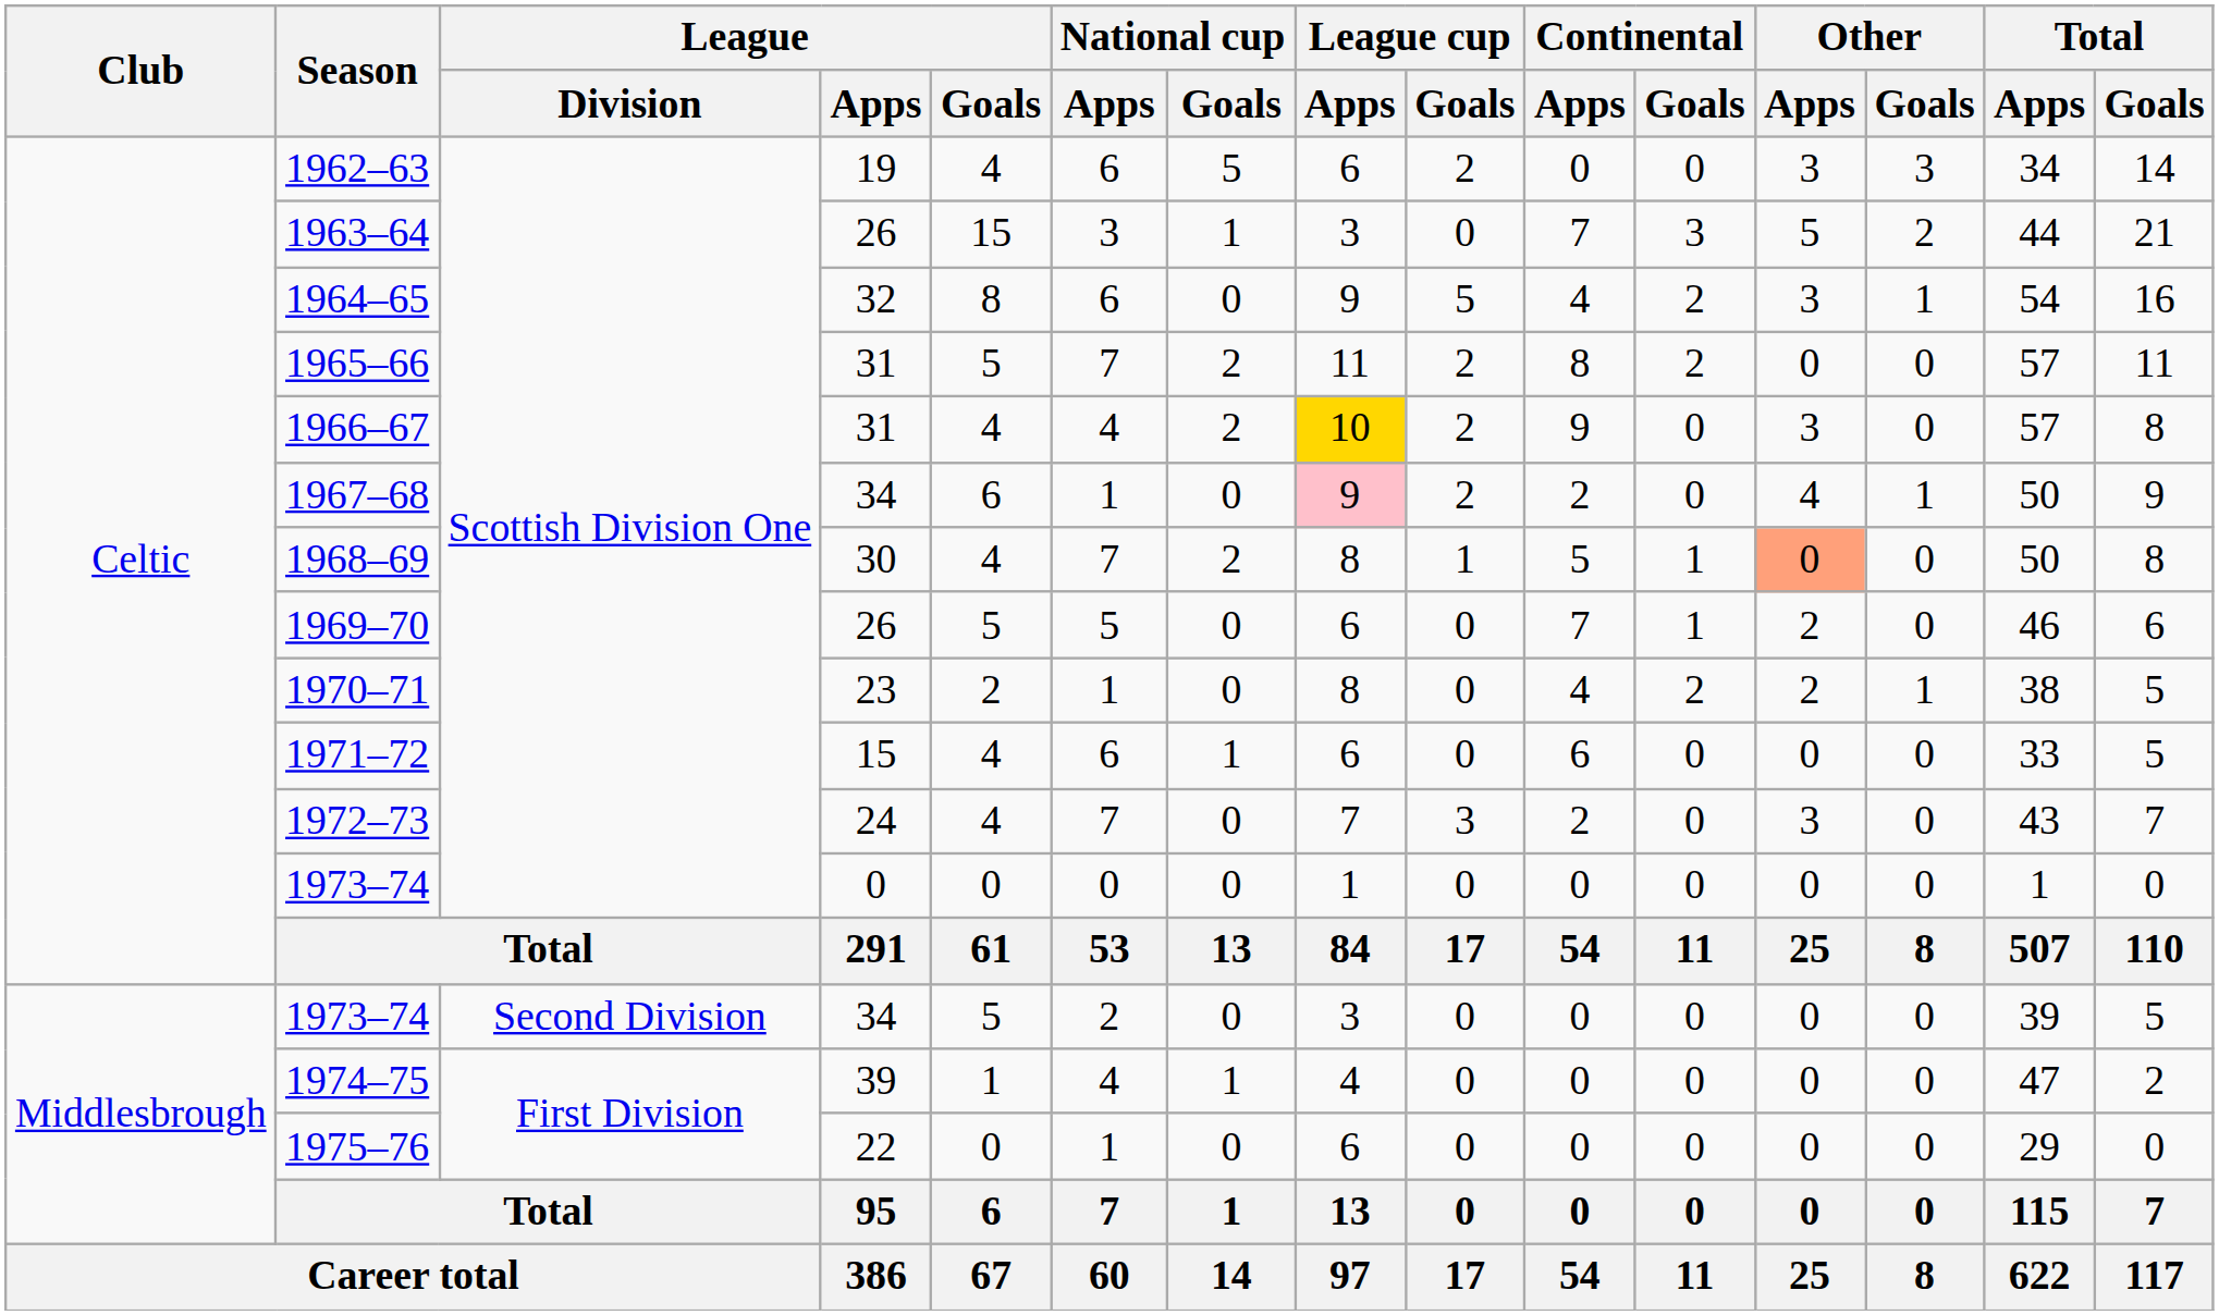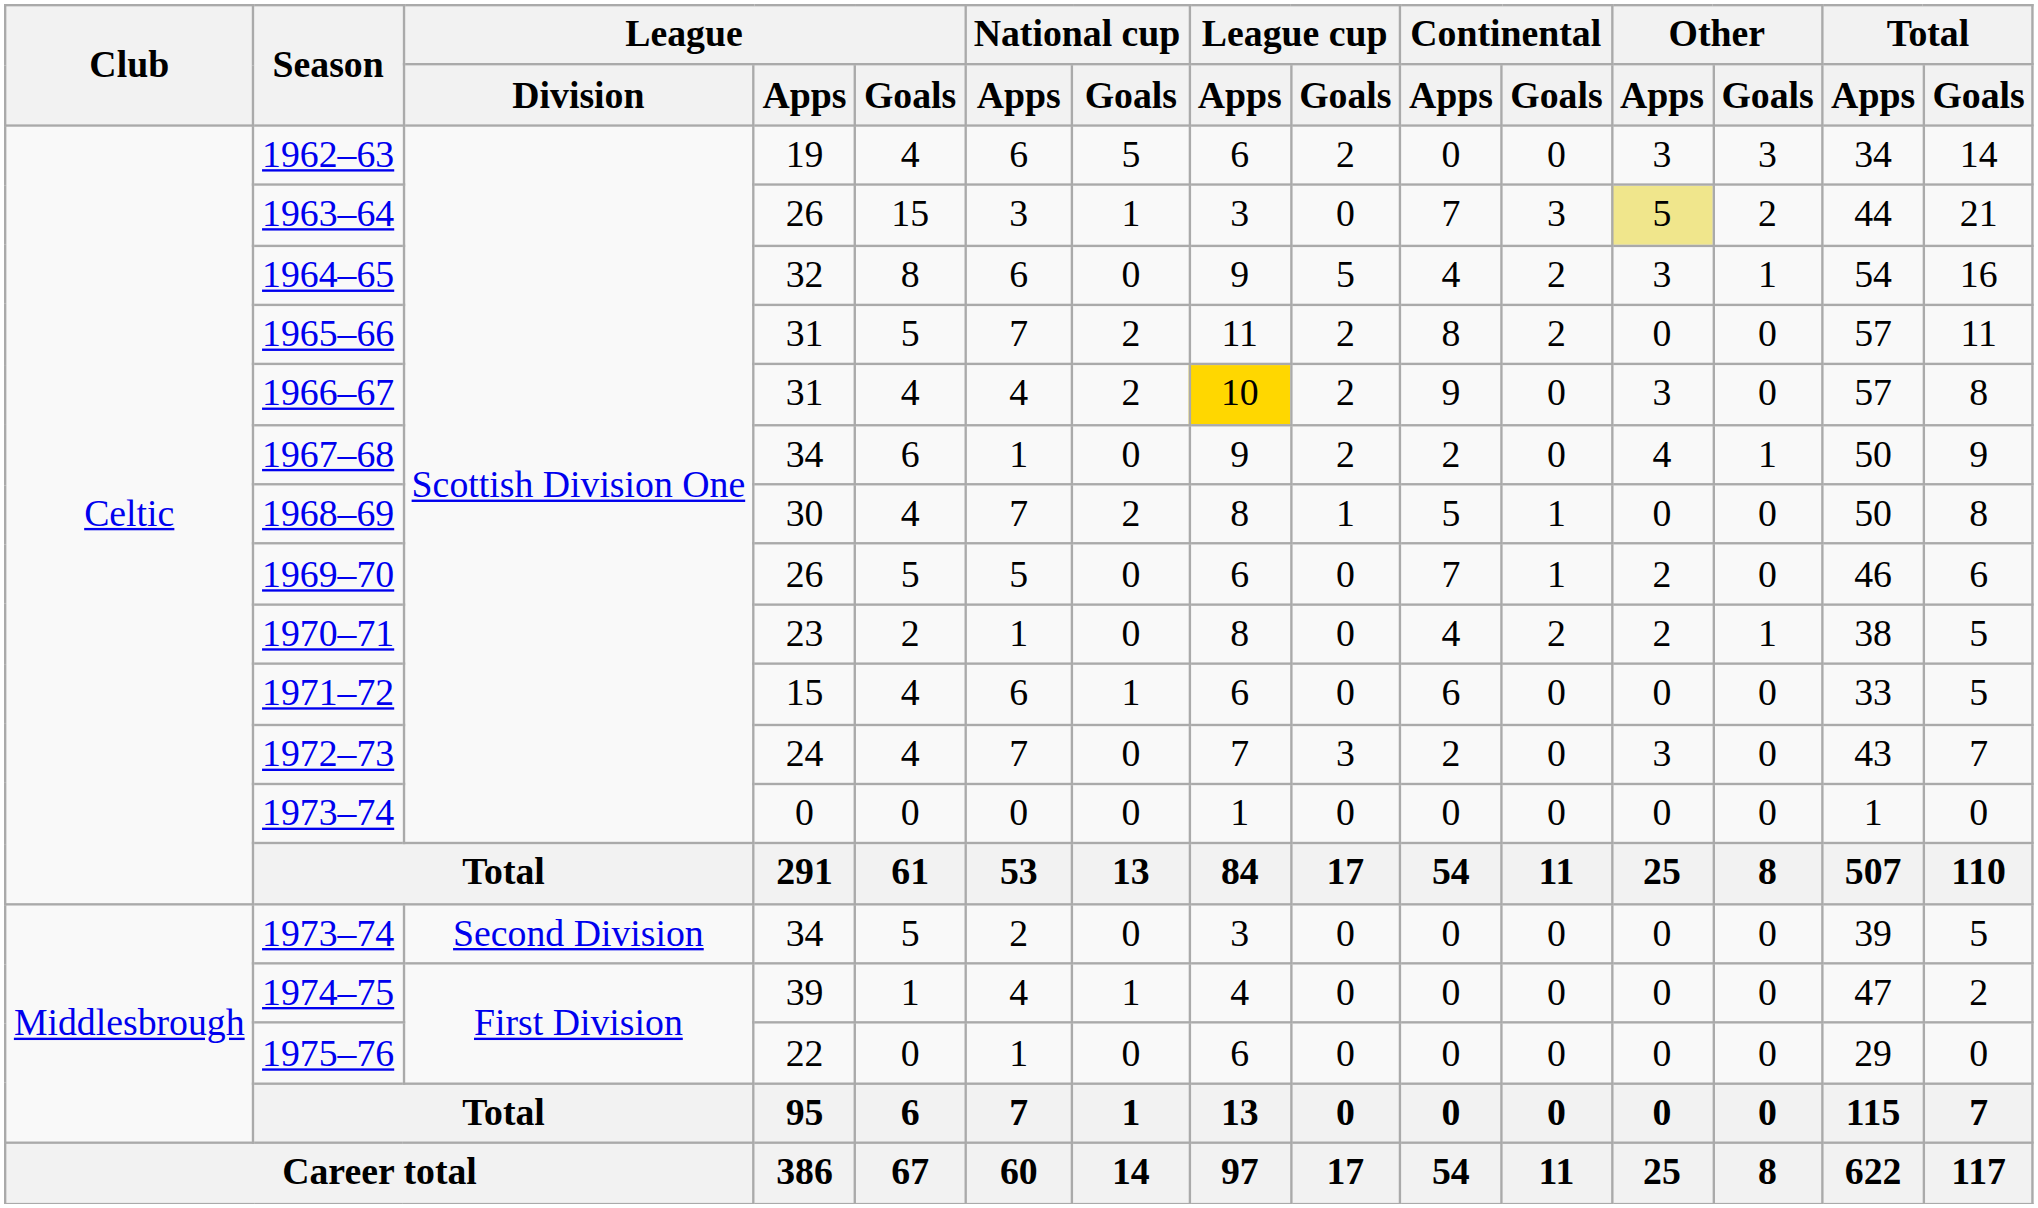 <table class="wikitable" style="text-align:center">
 <tr>
 <th rowspan="2">Club</th>
 <th rowspan="2">Season</th>
 <th colspan="3">League</th>
 <th colspan="2">National cup</th>
 <th colspan="2">League cup</th>
 <th colspan="2">Continental</th>
 <th colspan="2">Other</th>
 <th colspan="2">Total</th>
 </tr>
 <tr>
 <th>Division</th>
 <th>Apps</th>
 <th>Goals</th>
 <th>Apps</th>
 <th>Goals</th>
 <th>Apps</th>
 <th>Goals</th>
 <th>Apps</th>
 <th>Goals</th>
 <th>Apps</th>
 <th>Goals</th>
 <th>Apps</th>
 <th>Goals</th>
 </tr>
 <tr>
 <td rowspan="13"><a href='#'>Celtic</a></td>
 <td><a href='#'>1962–63</a></td>
 <td rowspan="12"><a href='#'>Scottish Division One</a></td>
 <td>19</td>
 <td>4</td>
 <td>6</td>
 <td>5</td>
 <td>6</td>
 <td>2</td>
 <td>0</td>
 <td>0</td>
 <td>3</td>
 <td>3</td>
 <td>34</td>
 <td>14</td>
 </tr>
 <tr>
 <td><a href='#'>1963–64</a></td>
 <td>26</td>
 <td>15</td>
 <td>3</td>
 <td>1</td>
 <td>3</td>
 <td>0</td>
 <td>7</td>
 <td>3</td>
-<td>5</td>
+<td style="background: khaki;">5</td>
 <td>2</td>
 <td>44</td>
 <td>21</td>
 </tr>
 <tr>
 <td><a href='#'>1964–65</a></td>
 <td>32</td>
 <td>8</td>
 <td>6</td>
 <td>0</td>
 <td>9</td>
 <td>5</td>
 <td>4</td>
 <td>2</td>
 <td>3</td>
 <td>1</td>
 <td>54</td>
 <td>16</td>
 </tr>
 <tr>
 <td><a href='#'>1965–66</a></td>
 <td>31</td>
 <td>5</td>
 <td>7</td>
 <td>2</td>
 <td>11</td>
 <td>2</td>
 <td>8</td>
 <td>2</td>
 <td>0</td>
 <td>0</td>
 <td>57</td>
 <td>11</td>
 </tr>
 <tr>
 <td><a href='#'>1966–67</a></td>
 <td>31</td>
 <td>4</td>
 <td>4</td>
 <td>2</td>
 <td style="background: gold;">10</td>
 <td>2</td>
 <td>9</td>
 <td>0</td>
 <td>3</td>
 <td>0</td>
 <td>57</td>
 <td>8</td>
 </tr>
 <tr>
 <td><a href='#'>1967–68</a></td>
 <td>34</td>
 <td>6</td>
 <td>1</td>
 <td>0</td>
-<td style="background: pink;">9</td>
+<td>9</td>
 <td>2</td>
 <td>2</td>
 <td>0</td>
 <td>4</td>
 <td>1</td>
 <td>50</td>
 <td>9</td>
 </tr>
 <tr>
 <td><a href='#'>1968–69</a></td>
 <td>30</td>
 <td>4</td>
 <td>7</td>
 <td>2</td>
 <td>8</td>
 <td>1</td>
 <td>5</td>
 <td>1</td>
-<td style="background: lightsalmon;">0</td>
+<td>0</td>
 <td>0</td>
 <td>50</td>
 <td>8</td>
 </tr>
 <tr>
 <td><a href='#'>1969–70</a></td>
 <td>26</td>
 <td>5</td>
 <td>5</td>
 <td>0</td>
 <td>6</td>
 <td>0</td>
 <td>7</td>
 <td>1</td>
 <td>2</td>
 <td>0</td>
 <td>46</td>
 <td>6</td>
 </tr>
 <tr>
 <td><a href='#'>1970–71</a></td>
 <td>23</td>
 <td>2</td>
 <td>1</td>
 <td>0</td>
 <td>8</td>
 <td>0</td>
 <td>4</td>
 <td>2</td>
 <td>2</td>
 <td>1</td>
 <td>38</td>
 <td>5</td>
 </tr>
 <tr>
 <td><a href='#'>1971–72</a></td>
 <td>15</td>
 <td>4</td>
 <td>6</td>
 <td>1</td>
 <td>6</td>
 <td>0</td>
 <td>6</td>
 <td>0</td>
 <td>0</td>
 <td>0</td>
 <td>33</td>
 <td>5</td>
 </tr>
 <tr>
 <td><a href='#'>1972–73</a></td>
 <td>24</td>
 <td>4</td>
 <td>7</td>
 <td>0</td>
 <td>7</td>
 <td>3</td>
 <td>2</td>
 <td>0</td>
 <td>3</td>
 <td>0</td>
 <td>43</td>
 <td>7</td>
 </tr>
 <tr>
 <td><a href='#'>1973–74</a></td>
 <td>0</td>
 <td>0</td>
 <td>0</td>
 <td>0</td>
 <td>1</td>
 <td>0</td>
 <td>0</td>
 <td>0</td>
 <td>0</td>
 <td>0</td>
 <td>1</td>
 <td>0</td>
 </tr>
 <tr>
 <th colspan="2">Total</th>
 <th>291</th>
 <th>61</th>
 <th>53</th>
 <th>13</th>
 <th>84</th>
 <th>17</th>
 <th>54</th>
 <th>11</th>
 <th>25</th>
 <th>8</th>
 <th>507</th>
 <th>110</th>
 </tr>
 <tr>
 <td rowspan="4"><a href='#'>Middlesbrough</a></td>
 <td><a href='#'>1973–74</a></td>
 <td><a href='#'>Second Division</a></td>
 <td>34</td>
 <td>5</td>
 <td>2</td>
 <td>0</td>
 <td>3</td>
 <td>0</td>
 <td>0</td>
 <td>0</td>
 <td>0</td>
 <td>0</td>
 <td>39</td>
 <td>5</td>
 </tr>
 <tr>
 <td><a href='#'>1974–75</a></td>
 <td rowspan="2"><a href='#'>First Division</a></td>
 <td>39</td>
 <td>1</td>
 <td>4</td>
 <td>1</td>
 <td>4</td>
 <td>0</td>
 <td>0</td>
 <td>0</td>
 <td>0</td>
 <td>0</td>
 <td>47</td>
 <td>2</td>
 </tr>
 <tr>
 <td><a href='#'>1975–76</a></td>
 <td>22</td>
 <td>0</td>
 <td>1</td>
 <td>0</td>
 <td>6</td>
 <td>0</td>
 <td>0</td>
 <td>0</td>
 <td>0</td>
 <td>0</td>
 <td>29</td>
 <td>0</td>
 </tr>
 <tr>
 <th colspan="2">Total</th>
 <th>95</th>
 <th>6</th>
 <th>7</th>
 <th>1</th>
 <th>13</th>
 <th>0</th>
 <th>0</th>
 <th>0</th>
 <th>0</th>
 <th>0</th>
 <th>115</th>
 <th>7</th>
 </tr>
 <tr>
 <th colspan="3">Career total</th>
 <th>386</th>
 <th>67</th>
 <th>60</th>
 <th>14</th>
 <th>97</th>
 <th>17</th>
 <th>54</th>
 <th>11</th>
 <th>25</th>
 <th>8</th>
 <th>622</th>
 <th>117</th>
 </tr>
 </table>
